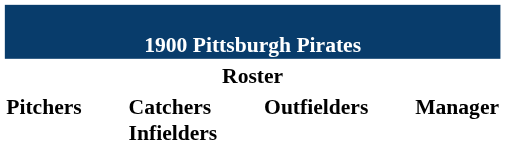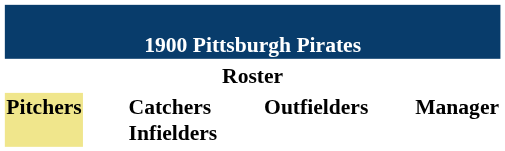 <table class="toccolours" style="font-size: 95%;">
 <tr>
 <th colspan="10" style="background-color: #083c6b; color: #FFFFFF; text-align: center;"><br>1900 Pittsburgh Pirates</th>
 </tr>
 <tr>
 <td colspan="10" style="background-color: white; color: black; text-align: center;"><strong>Roster</strong></td>
 </tr>
 <tr>
-<td valign="top"><strong>Pitchers</strong><br>        </td>
+<td valign="top" style="background: khaki;"><strong>Pitchers</strong><br>        </td>
 <td width="25px"></td>
 <td valign="top"><strong>Catchers</strong><br>     <strong>Infielders</strong>       </td>
 <td width="25px"></td>
 <td valign="top"><strong>Outfielders</strong><br>    </td>
 <td width="25px"></td>
 <td valign="top"><strong>Manager</strong><br></td>
 </tr>
 </table>
